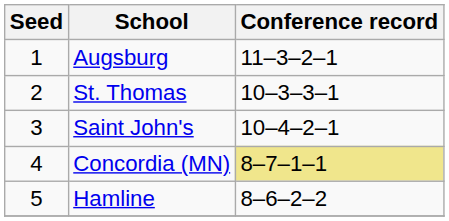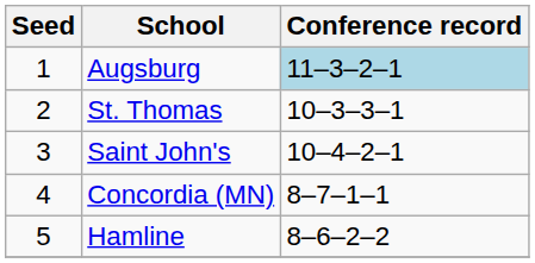 <table class="wikitable">
 <tr>
 <th>Seed</th>
 <th>School</th>
 <th>Conference record</th>
 </tr>
 <tr>
 <td align=center>1</td>
 <td><a href='#'>Augsburg</a></td>
-<td>11–3–2–1</td>
+<td style="background: lightblue;">11–3–2–1</td>
 </tr>
 <tr>
 <td align=center>2</td>
 <td><a href='#'>St. Thomas</a></td>
 <td>10–3–3–1</td>
 </tr>
 <tr>
 <td align=center>3</td>
 <td><a href='#'>Saint John's</a></td>
 <td>10–4–2–1</td>
 </tr>
 <tr>
 <td align=center>4</td>
 <td><a href='#'>Concordia (MN)</a></td>
-<td style="background: khaki;">8–7–1–1</td>
+<td>8–7–1–1</td>
 </tr>
 <tr>
 <td align=center>5</td>
 <td><a href='#'>Hamline</a></td>
 <td>8–6–2–2</td>
 </tr>
 <tr>
 </tr>
 </table>
